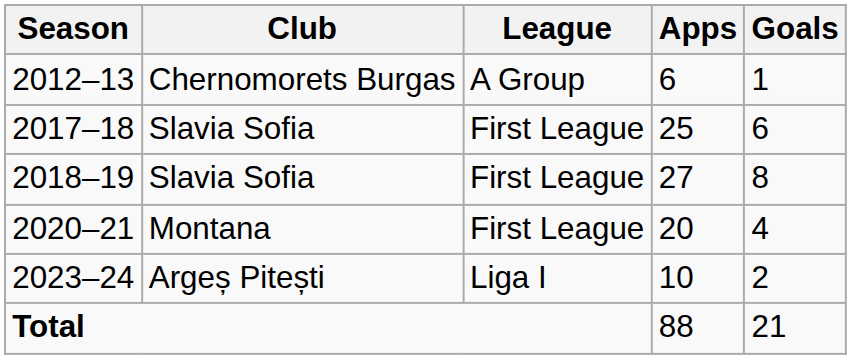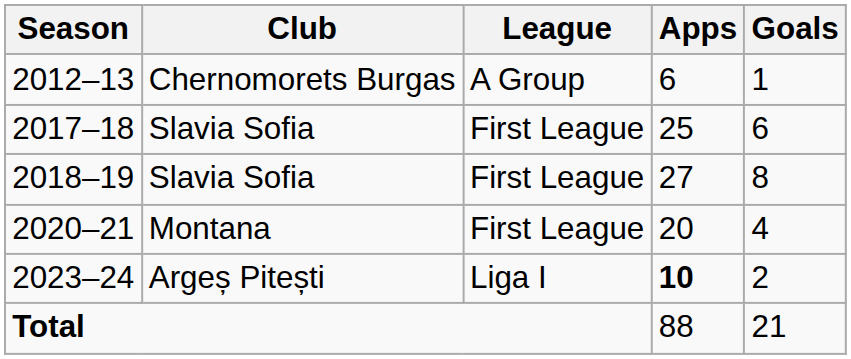 <table class="wikitable">
 <tr>
 <th>Season</th>
 <th>Club</th>
 <th>League</th>
 <th>Apps</th>
 <th>Goals</th>
 </tr>
 <tr>
 <td>2012–13</td>
 <td>Chernomorets Burgas</td>
 <td>A Group</td>
 <td>6</td>
 <td>1</td>
 </tr>
 <tr>
 <td>2017–18</td>
 <td>Slavia Sofia</td>
 <td>First League</td>
 <td>25</td>
 <td>6</td>
 </tr>
 <tr>
 <td>2018–19</td>
 <td>Slavia Sofia</td>
 <td>First League</td>
 <td>27</td>
 <td>8</td>
 </tr>
 <tr>
 <td>2020–21</td>
 <td>Montana</td>
 <td>First League</td>
 <td>20</td>
 <td>4</td>
 </tr>
 <tr>
 <td>2023–24</td>
 <td>Argeș Pitești</td>
 <td>Liga I</td>
-<td>10</td>
+<td><strong>10</strong></td>
 <td>2</td>
 </tr>
 <tr>
 <td colspan="3"><strong>Total</strong></td>
 <td>88</td>
 <td>21</td>
 </tr>
 </table>
